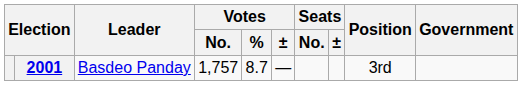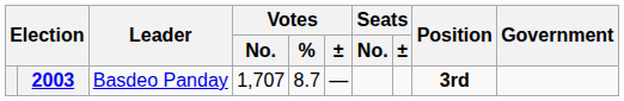 <table class="wikitable" style="text-align:center">
 <tr>
 <th colspan="2" rowspan="2">Election</th>
 <th rowspan="2">Leader</th>
 <th colspan="3">Votes</th>
 <th colspan="2">Seats</th>
 <th rowspan="2">Position</th>
 <th rowspan="2">Government</th>
 </tr>
 <tr>
 <th>No.</th>
 <th>%</th>
 <th>±</th>
 <th>No.</th>
 <th>±</th>
 </tr>
 <tr>
 <th style="background-color: "></th>
-<th><a href='#'>2001</a></th>
+<th><a href='#'>2003</a></th>
 <td><a href='#'>Basdeo Panday</a></td>
-<td>1,757</td>
+<td>1,707</td>
 <td>8.7</td>
 <td>—</td>
 <td></td>
 <td></td>
-<td>3rd</td>
+<td><strong>3rd</strong></td>
 <td></td>
 </tr>
 </table>
